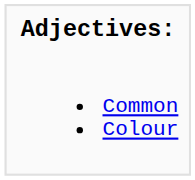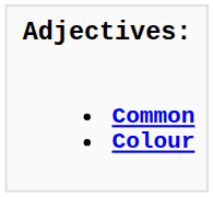 <table style = "margin-left: 1em; border: 1px solid #e0e0e0; background-color: #fafafa; padding: 2px; float: right; clear: right; font-size: 85%">
 <tr>
 <td style = "text-align: center"><strong>Adjectives:</strong></td>
 </tr>
 <tr>
-<td style = "font-size: 90%"><br><ul><li><a href='#'>Common</a></li><li><a href='#'>Colour</a></li></ul></td>
+<td style = "font-size: 90%"><strong><br><ul><li><a href='#'>Common</a></li><li><a href='#'>Colour</a></li></ul></strong></td>
 </tr>
 </table>
